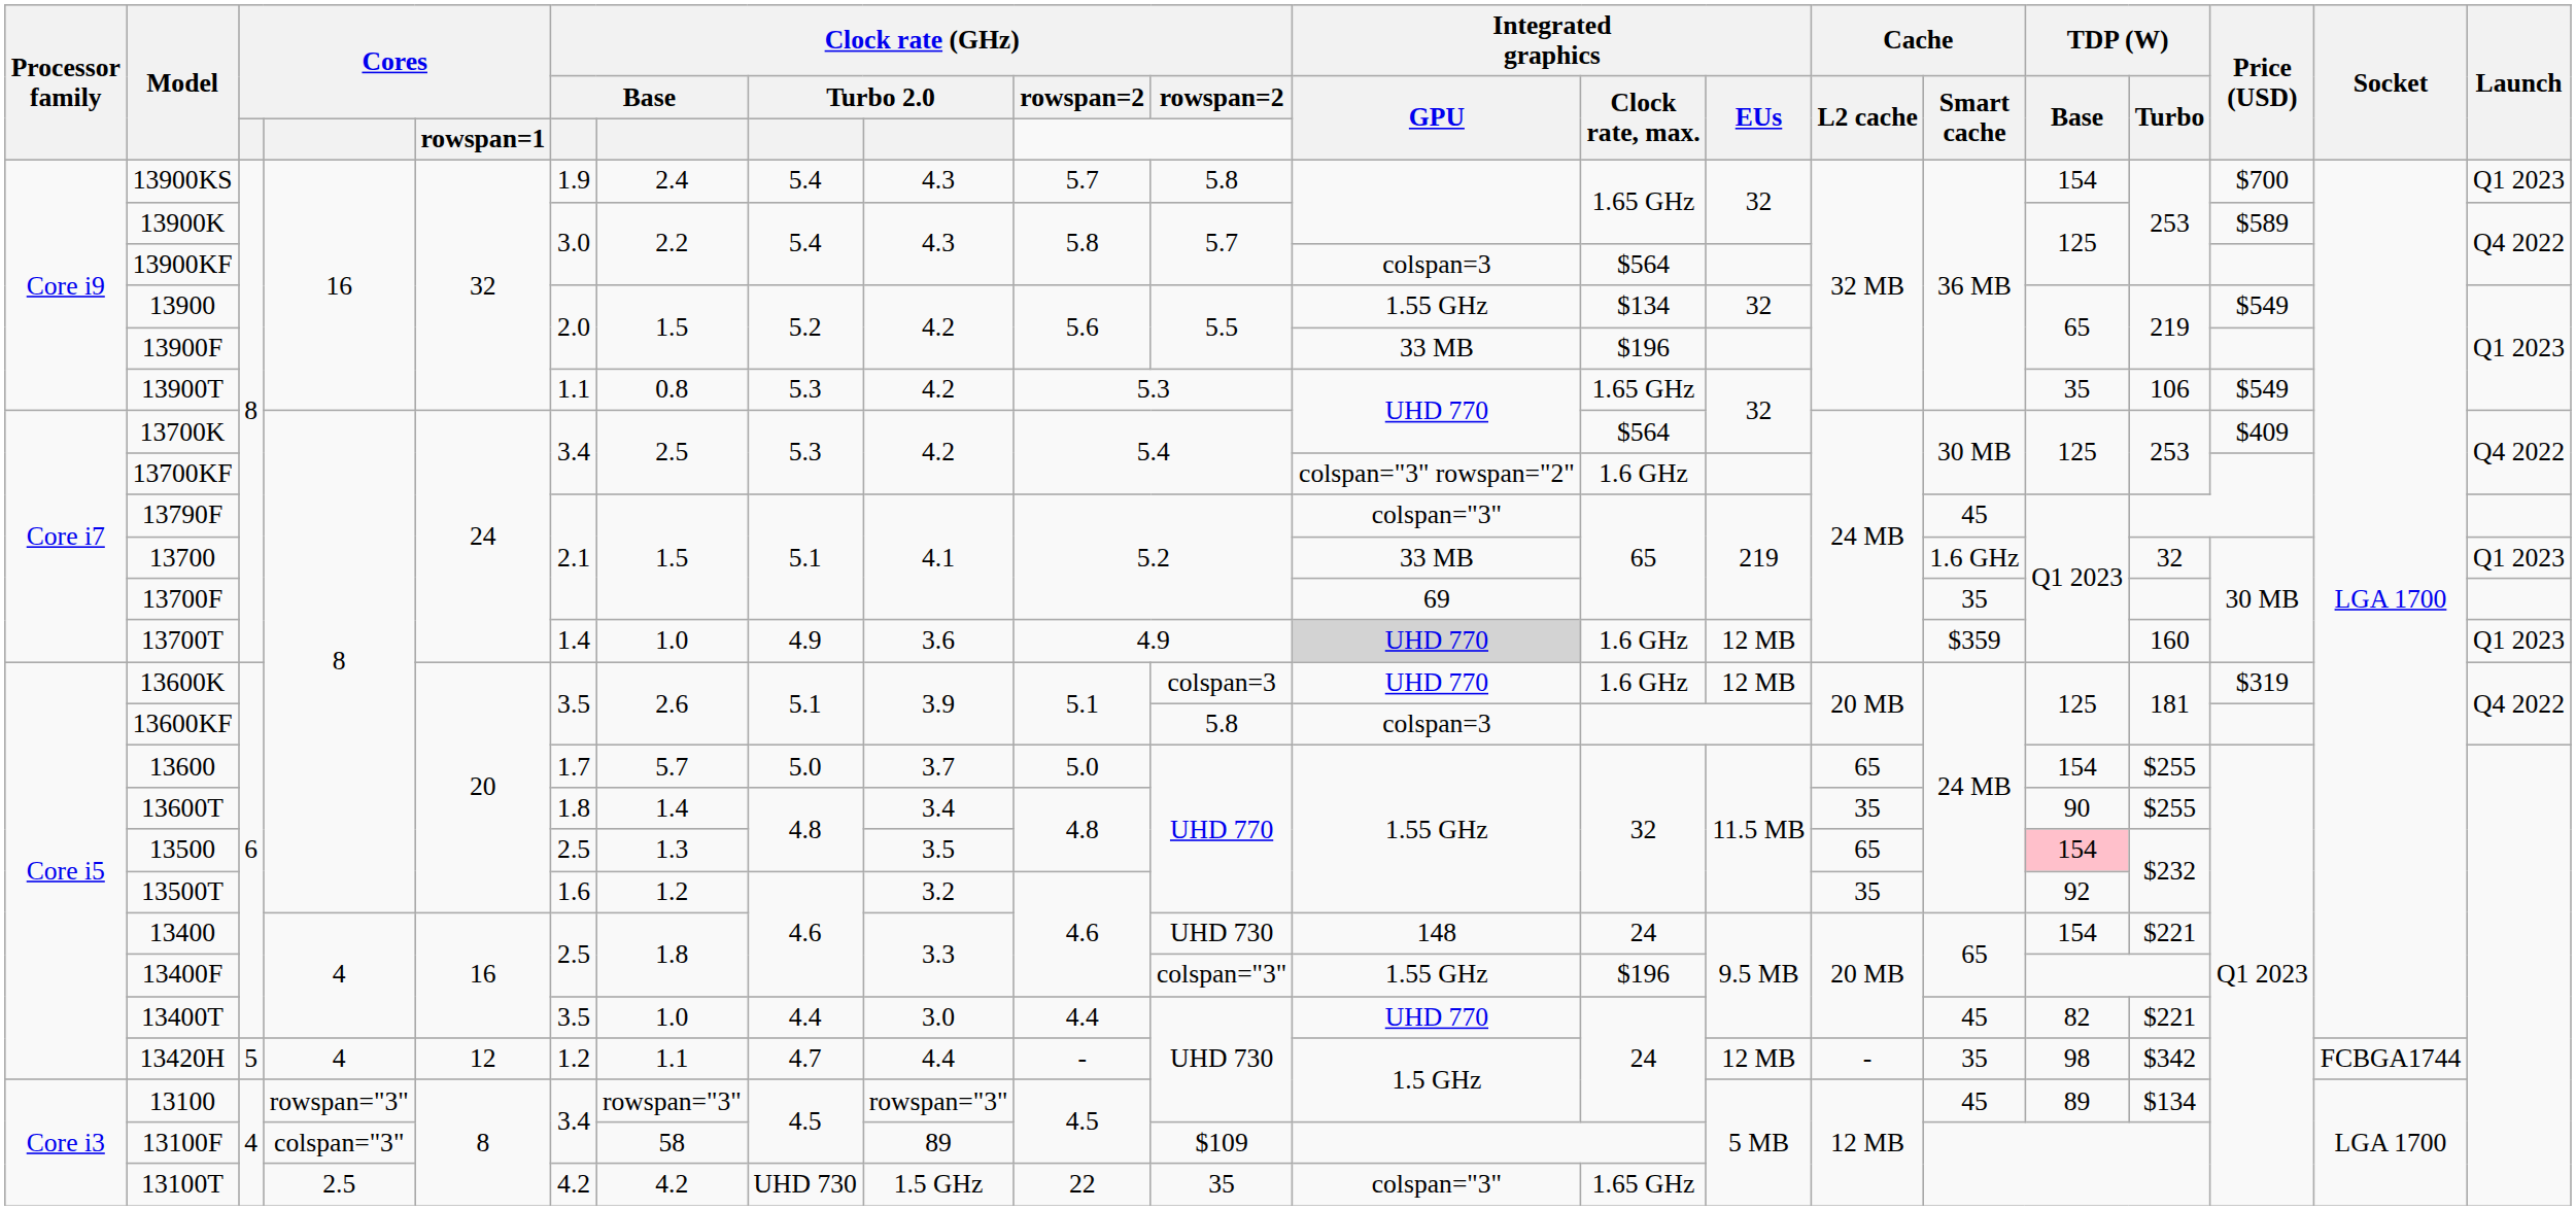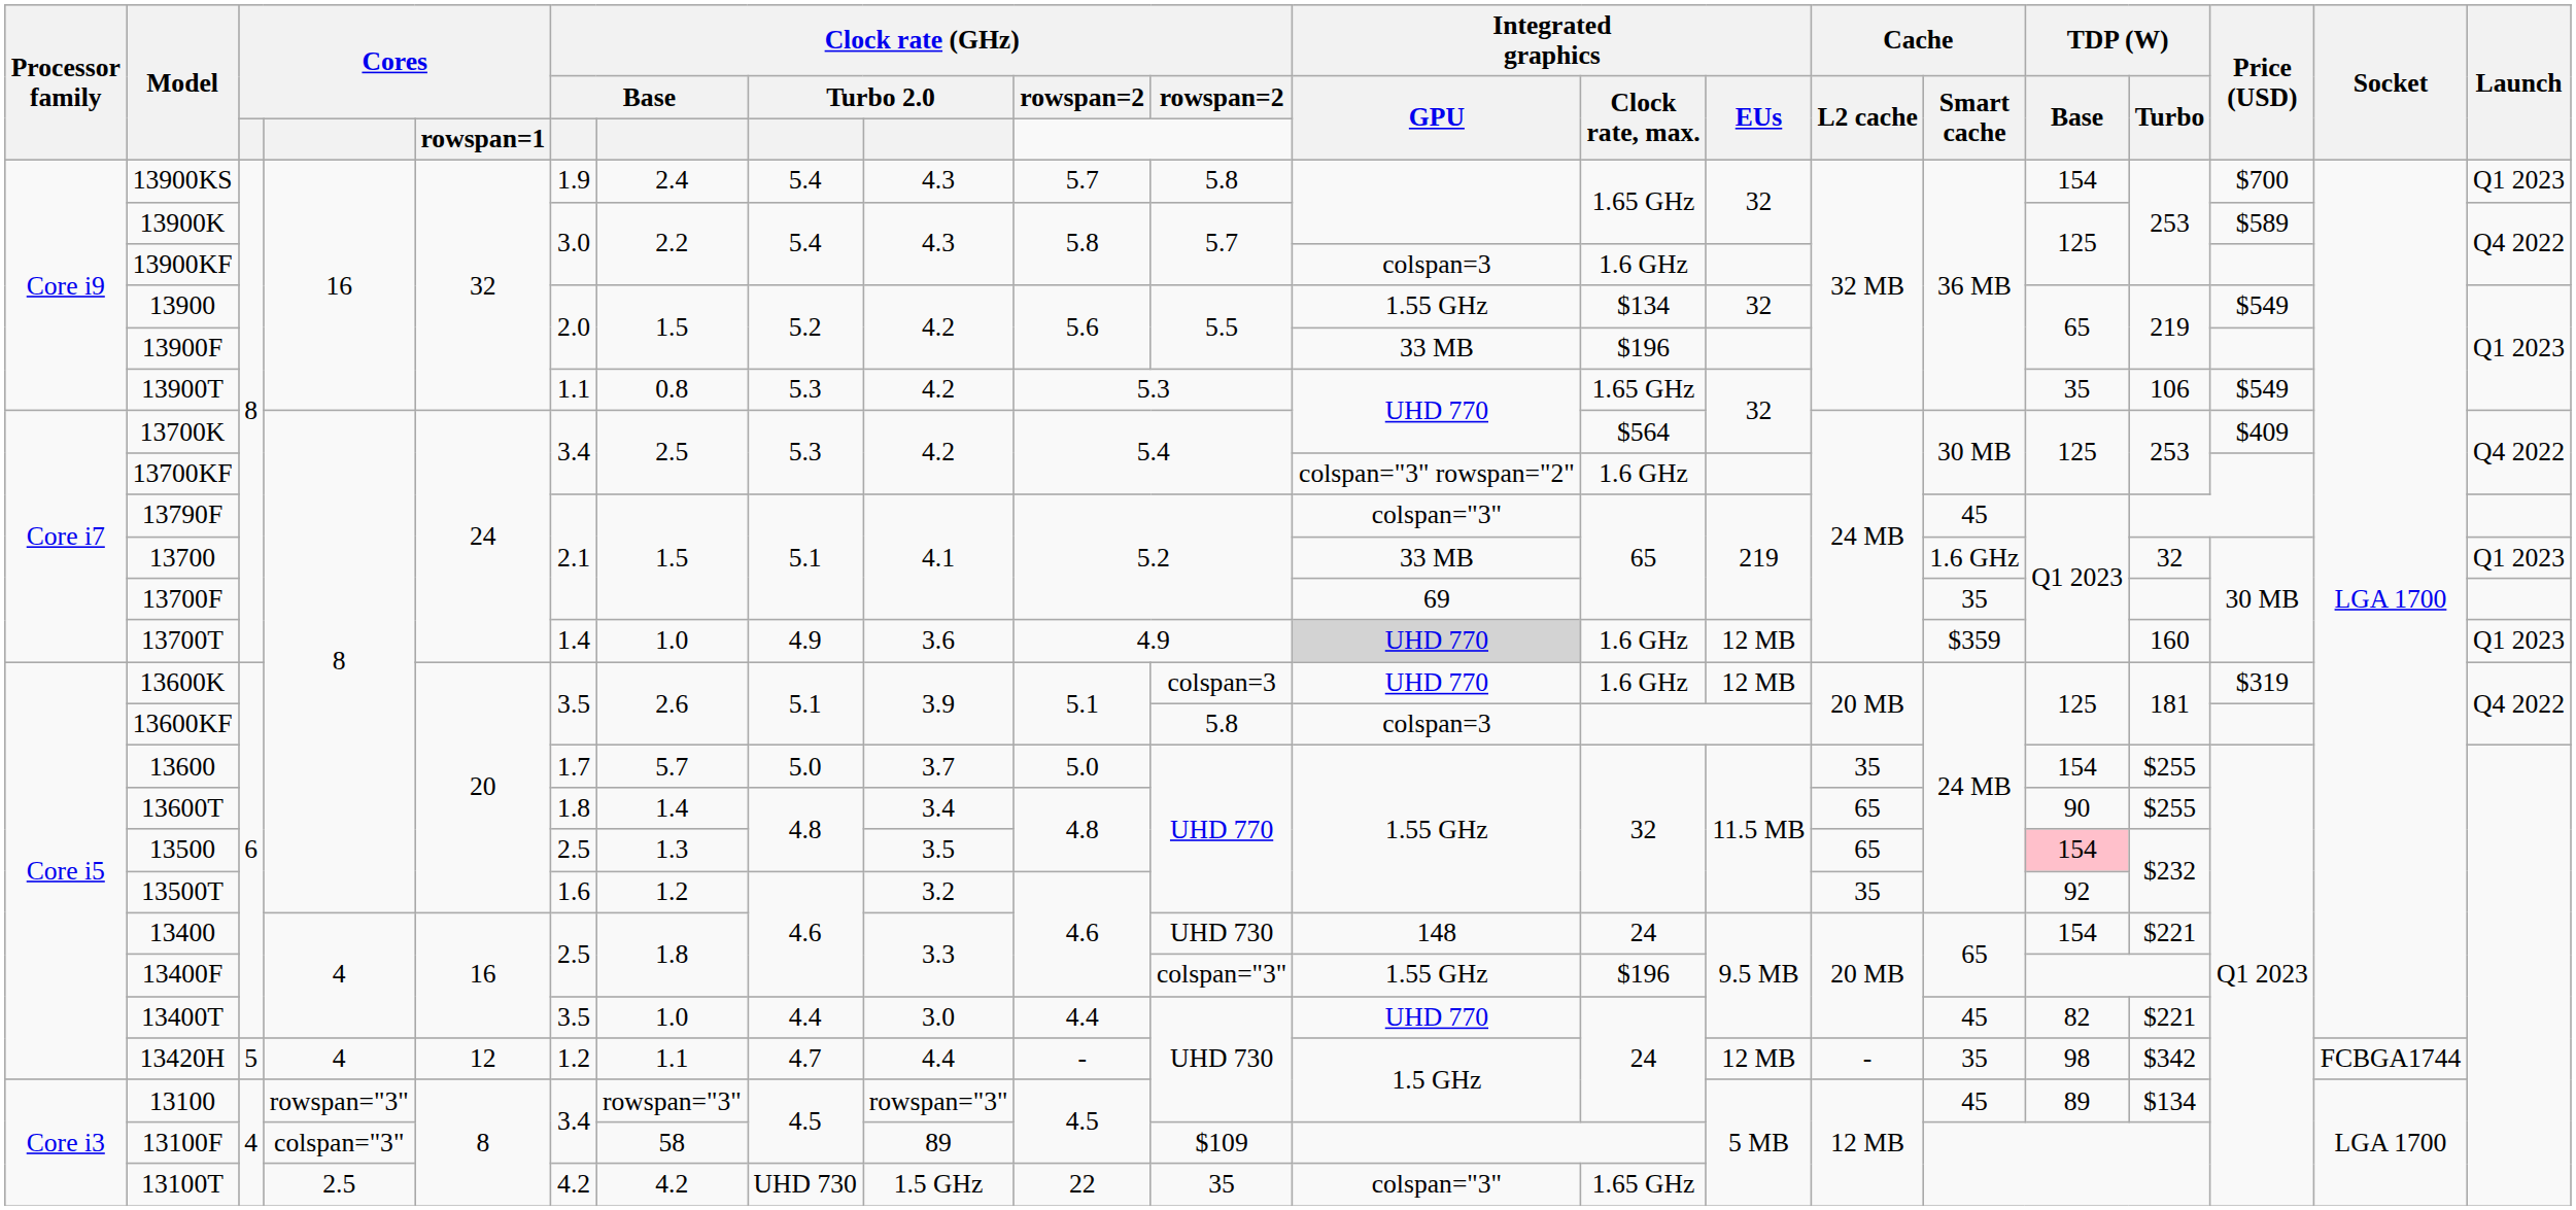 <table class="wikitable sortable sort-under" style="text-align:center;">
 <tr>
 <th rowspan=3>Processor<br>family</th>
 <th rowspan=3>Model</th>
 <th rowspan=2 colspan=3><a href='#'>Cores</a></th>
 <th colspan=6><a href='#'>Clock rate</a> (GHz)</th>
 <th colspan=3>Integrated<br>graphics</th>
 <th colspan=2>Cache</th>
 <th colspan=2>TDP (W)</th>
 <th rowspan=3>Price<br>(USD)</th>
 <th rowspan="3">Socket</th>
 <th rowspan=3>Launch</th>
 </tr>
 <tr>
 <th colspan=2>Base</th>
 <th colspan=2>Turbo 2.0</th>
 <th>rowspan=2 </th>
 <th>rowspan=2 </th>
 <th rowspan=2><a href='#'>GPU</a></th>
 <th rowspan=2>Clock <br>rate, max.</th>
 <th rowspan=2><a href='#'>EUs</a></th>
 <th rowspan=2>L2 cache</th>
 <th rowspan=2>Smart<br>cache</th>
 <th rowspan=2>Base</th>
 <th rowspan=2>Turbo</th>
 </tr>
 <tr>
 <th rowspan=1></th>
 <th rowspan=1></th>
 <th>rowspan=1 </th>
 <th rowspan=1></th>
 <th rowspan=1></th>
 <th rowspan=1></th>
 <th rowspan=1></th>
 </tr>
 <tr>
 <td rowspan="6"><a href='#'>Core i9</a></td>
 <td>13900KS</td>
 <td rowspan="12">8</td>
 <td rowspan="6">16</td>
 <td rowspan="6">32</td>
 <td>1.9</td>
 <td>2.4</td>
 <td>5.4</td>
 <td>4.3</td>
 <td>5.7</td>
 <td>5.8</td>
 <td rowspan="2"></td>
 <td rowspan="2">1.65 GHz</td>
 <td rowspan="2">32</td>
 <td rowspan="6">32 MB</td>
 <td rowspan="6">36 MB</td>
 <td>154</td>
 <td rowspan="3">253</td>
 <td>$700</td>
 <td rowspan="21"><a href='#'>LGA 1700</a></td>
 <td>Q1 2023</td>
 </tr>
 <tr>
 <td>13900K</td>
 <td rowspan="2">3.0</td>
 <td rowspan="2">2.2</td>
 <td rowspan="2">5.4</td>
 <td rowspan="2">4.3</td>
 <td rowspan="2">5.8</td>
 <td rowspan="2">5.7</td>
 <td rowspan="2">125</td>
 <td>$589</td>
 <td rowspan="2">Q4 2022</td>
 </tr>
 <tr>
 <td>13900KF</td>
 <td>colspan=3 </td>
-<td>$564</td>
+<td>1.6 GHz</td>
 </tr>
 <tr>
 <td>13900</td>
 <td rowspan="2">2.0</td>
 <td rowspan="2">1.5</td>
 <td rowspan="2">5.2</td>
 <td rowspan="2">4.2</td>
 <td rowspan="2">5.6</td>
 <td rowspan="2">5.5</td>
 <td>1.55 GHz</td>
 <td>$134</td>
 <td>32</td>
 <td rowspan="2">65</td>
 <td rowspan="2">219</td>
 <td>$549</td>
 <td rowspan="3">Q1 2023</td>
 </tr>
 <tr>
 <td>13900F</td>
 <td>33 MB</td>
 <td>$196</td>
 </tr>
 <tr>
 <td>13900T</td>
 <td>1.1</td>
 <td>0.8</td>
 <td>5.3</td>
 <td>4.2</td>
 <td colspan="2">5.3</td>
 <td rowspan="2"><a href='#'>UHD 770</a></td>
 <td>1.65 GHz</td>
 <td rowspan="2">32</td>
 <td>35</td>
 <td>106</td>
 <td>$549</td>
 </tr>
 <tr>
 <td rowspan="6"><a href='#'>Core i7</a></td>
 <td>13700K</td>
 <td rowspan="12">8</td>
 <td rowspan="6">24</td>
 <td rowspan="2">3.4</td>
 <td rowspan="2">2.5</td>
 <td rowspan="2">5.3</td>
 <td rowspan="2">4.2</td>
 <td colspan="2" rowspan="2">5.4</td>
 <td>$564</td>
 <td rowspan="6">24 MB</td>
 <td rowspan="2">30 MB</td>
 <td rowspan="2">125</td>
 <td rowspan="2">253</td>
 <td>$409</td>
 <td rowspan="2">Q4 2022</td>
 </tr>
 <tr>
 <td>13700KF</td>
 <td>colspan="3" rowspan="2" </td>
 <td>1.6 GHz</td>
 </tr>
 <tr>
 <td>13790F</td>
 <td rowspan="3">2.1</td>
 <td rowspan="3">1.5</td>
 <td rowspan="3">5.1</td>
 <td rowspan="3">4.1</td>
 <td colspan="2" rowspan="3">5.2</td>
 <td>colspan="3" </td>
 <td rowspan="3">65</td>
 <td rowspan="3">219</td>
 <td>45</td>
 <td rowspan="4">Q1 2023</td>
 </tr>
 <tr>
 <td>13700</td>
 <td>33 MB</td>
 <td>1.6 GHz</td>
 <td>32</td>
 <td rowspan="3">30 MB</td>
 <td>Q1 2023</td>
 </tr>
 <tr>
 <td>13700F</td>
 <td>69</td>
 <td>35</td>
 </tr>
 <tr>
 <td>13700T</td>
 <td>1.4</td>
 <td>1.0</td>
 <td>4.9</td>
 <td>3.6</td>
 <td colspan="2">4.9</td>
 <td style="background: lightgrey;"><a href='#'>UHD 770</a></td>
 <td>1.6 GHz</td>
 <td>12 MB</td>
 <td>$359</td>
 <td>160</td>
 <td>Q1 2023</td>
 </tr>
 <tr>
 <td rowspan="10"><a href='#'>Core i5</a></td>
 <td>13600K</td>
 <td rowspan="9">6</td>
 <td rowspan="6">20</td>
 <td rowspan="2">3.5</td>
 <td rowspan="2">2.6</td>
 <td rowspan="2">5.1</td>
 <td rowspan="2">3.9</td>
 <td rowspan="2">5.1</td>
 <td>colspan=3 </td>
 <td><a href='#'>UHD 770</a></td>
 <td>1.6 GHz</td>
 <td>12 MB</td>
 <td rowspan="2">20 MB</td>
 <td rowspan="6">24 MB</td>
 <td rowspan="2">125</td>
 <td rowspan="2">181</td>
 <td>$319</td>
 <td rowspan="2">Q4 2022</td>
 </tr>
 <tr>
 <td>13600KF</td>
 <td>5.8</td>
 <td>colspan=3 </td>
 </tr>
 <tr>
 <td>13600</td>
 <td>1.7</td>
 <td>5.7</td>
 <td>5.0</td>
 <td>3.7</td>
 <td>5.0</td>
 <td rowspan="4"><a href='#'>UHD 770</a></td>
 <td rowspan="4">1.55 GHz</td>
 <td rowspan="4">32</td>
 <td rowspan="4">11.5 MB</td>
-<td>65</td>
+<td>35</td>
 <td>154</td>
 <td>$255</td>
 <td rowspan="11">Q1 2023</td>
 </tr>
 <tr>
 <td>13600T</td>
 <td>1.8</td>
 <td>1.4</td>
 <td rowspan="2">4.8</td>
 <td>3.4</td>
 <td rowspan="2">4.8</td>
-<td>35</td>
+<td>65</td>
 <td>90</td>
 <td>$255</td>
 </tr>
 <tr>
 <td>13500</td>
 <td>2.5</td>
 <td>1.3</td>
 <td>3.5</td>
 <td>65</td>
 <td style="background: pink;">154</td>
 <td rowspan="2">$232</td>
 </tr>
 <tr>
 <td>13500T</td>
 <td>1.6</td>
 <td>1.2</td>
 <td rowspan="3">4.6</td>
 <td>3.2</td>
 <td rowspan="3">4.6</td>
 <td>35</td>
 <td>92</td>
 </tr>
 <tr>
 <td>13400</td>
 <td rowspan="3">4</td>
 <td rowspan="3">16</td>
 <td rowspan="2">2.5</td>
 <td rowspan="2">1.8</td>
 <td rowspan="2">3.3</td>
 <td>UHD 730</td>
 <td>148</td>
 <td>24</td>
 <td rowspan="3">9.5 MB</td>
 <td rowspan="3">20 MB</td>
 <td rowspan="2">65</td>
 <td>154</td>
 <td>$221</td>
 </tr>
 <tr>
 <td>13400F</td>
 <td>colspan="3" </td>
 <td>1.55 GHz</td>
 <td>$196</td>
 </tr>
 <tr>
 <td>13400T</td>
 <td>3.5</td>
 <td>1.0</td>
 <td>4.4</td>
 <td>3.0</td>
 <td>4.4</td>
 <td rowspan="3">UHD 730</td>
 <td><a href='#'>UHD 770</a></td>
 <td rowspan="3">24</td>
 <td>45</td>
 <td>82</td>
 <td>$221</td>
 </tr>
 <tr>
 <td>13420H</td>
 <td>5</td>
 <td>4</td>
 <td>12</td>
 <td>1.2</td>
 <td>1.1</td>
 <td>4.7</td>
 <td>4.4</td>
 <td>-</td>
 <td rowspan="2">1.5 GHz</td>
 <td>12 MB</td>
 <td>-</td>
 <td>35</td>
 <td>98</td>
 <td>$342</td>
 <td>FCBGA1744</td>
 </tr>
 <tr>
 <td rowspan="3"><a href='#'>Core i3</a></td>
 <td>13100</td>
 <td rowspan="3">4</td>
 <td>rowspan="3" </td>
 <td rowspan="3">8</td>
 <td rowspan="2">3.4</td>
 <td>rowspan="3" </td>
 <td rowspan="2">4.5</td>
 <td>rowspan="3" </td>
 <td rowspan="2">4.5</td>
 <td rowspan="3">5 MB</td>
 <td rowspan="3">12 MB</td>
 <td>45</td>
 <td>89</td>
 <td>$134</td>
 <td rowspan="3">LGA 1700</td>
 </tr>
 <tr>
 <td>13100F</td>
 <td>colspan="3" </td>
 <td>58</td>
 <td>89</td>
 <td>$109</td>
 </tr>
 <tr>
 <td>13100T</td>
 <td>2.5</td>
 <td>4.2</td>
 <td>4.2</td>
 <td>UHD 730</td>
 <td>1.5 GHz</td>
 <td>22</td>
 <td>35</td>
 <td>colspan="3" </td>
 <td>1.65 GHz</td>
 </tr>
 </table>
